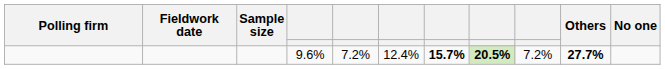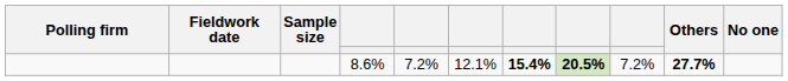 <table class="wikitable" style="text-align:center;font-size:90%;line-height:14px;">
 <tr style="height:40px;">
 <th style="width:150px;" rowspan="2">Polling firm</th>
 <th style="width:100px;" rowspan="2">Fieldwork date</th>
 <th style="width:50px;" rowspan="2">Sample size</th>
 <th class="unsortable" style="width:45px;"></th>
 <th class="unsortable" style="width:45px;"></th>
 <th class="unsortable" style="width:45px;"></th>
 <th class="unsortable" style="width:45px;"></th>
 <th class="unsortable" style="width:45px;"></th>
 <th class="unsortable" style="width:45px;"></th>
 <th style="width:50px;" rowspan="2">Others</th>
 <th style="width:50px;" rowspan="2">No one</th>
 </tr>
 <tr>
 <th style="background:"></th>
 <th style="background:"></th>
 <th style="background:"></th>
 <th style="background:"></th>
 <th style="background:"></th>
 <th style="background:"></th>
 </tr>
 <tr>
 <td></td>
 <td></td>
 <td></td>
-<td>9.6%</td>
+<td>8.6%</td>
 <td>7.2%</td>
-<td>12.4%</td>
-<td><strong>15.7%</strong></td>
+<td>12.1%</td>
+<td><strong>15.4%</strong></td>
 <td style="background:#d3e9bf;"><strong>20.5%</strong></td>
 <td>7.2%</td>
 <td><strong>27.7%</strong></td>
 <td></td>
 </tr>
 </table>
